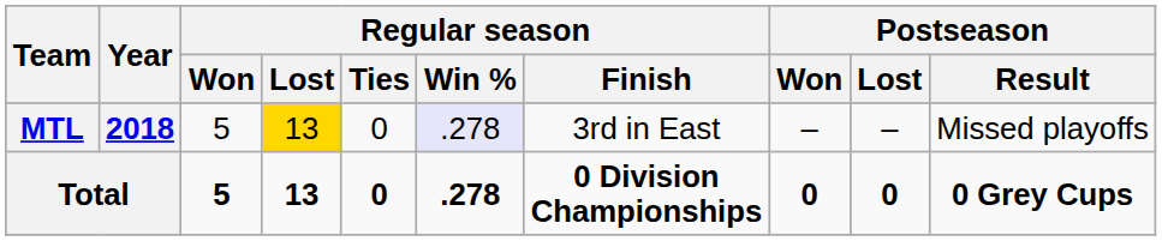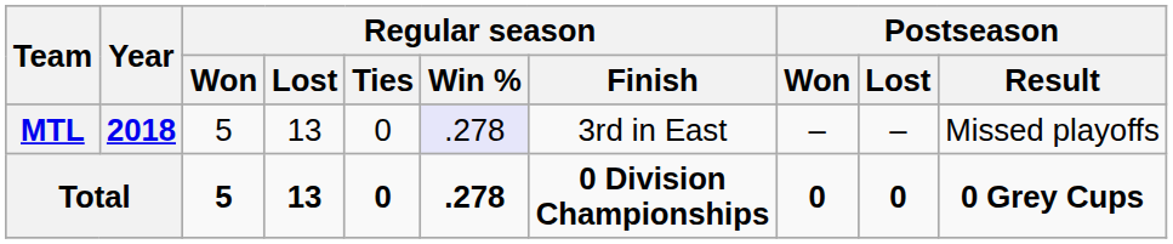 <table class="wikitable" style="font-size: 95%; text-align:center;">
 <tr>
 <th rowspan="2">Team</th>
 <th rowspan="2">Year</th>
 <th colspan="5">Regular season</th>
 <th colspan="4">Postseason</th>
 </tr>
 <tr>
 <th>Won</th>
 <th>Lost</th>
 <th>Ties</th>
 <th>Win %</th>
 <th>Finish</th>
 <th>Won</th>
 <th>Lost</th>
 <th>Result</th>
 </tr>
 <tr>
 <th><a href='#'>MTL</a></th>
 <th><a href='#'>2018</a></th>
 <td>5</td>
-<td style="background: gold;">13</td>
+<td>13</td>
 <td>0</td>
 <td style="background: lavender;">.278</td>
 <td>3rd in East</td>
 <td>–</td>
 <td>–</td>
 <td>Missed playoffs      </td>
 </tr>
 <tr>
 <th colspan="2"><strong>Total</strong></th>
 <td><strong>5</strong></td>
 <td><strong>13</strong></td>
 <td><strong>0</strong></td>
 <td><strong>.278</strong></td>
 <td><strong>0 Division<br>Championships</strong></td>
 <td><strong>0</strong></td>
 <td><strong>0</strong></td>
 <td><strong>0 Grey Cups</strong></td>
 </tr>
 </table>
